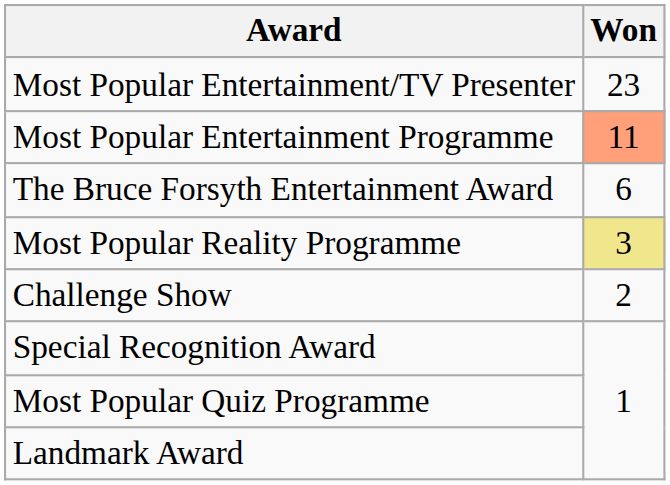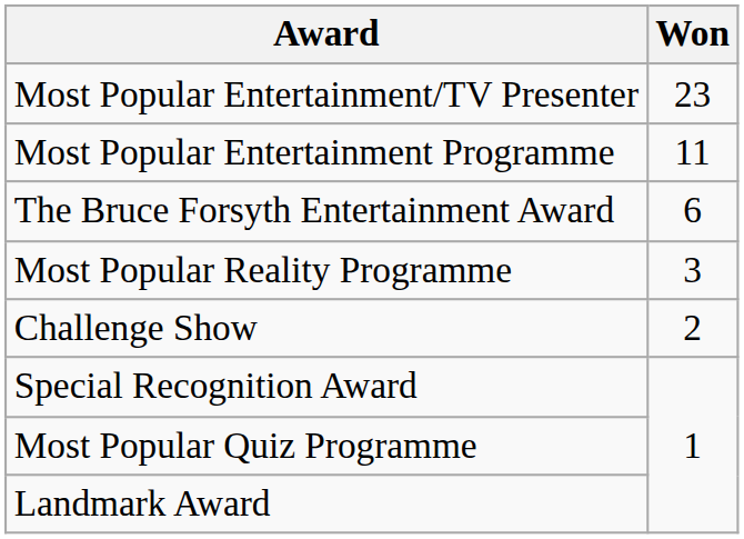 <table class="wikitable">
 <tr>
 <th>Award</th>
 <th>Won</th>
 </tr>
 <tr>
 <td>Most Popular Entertainment/TV Presenter</td>
 <td align=center>23</td>
 </tr>
 <tr>
 <td>Most Popular Entertainment Programme</td>
-<td align="center" style="background: lightsalmon;">11</td>
+<td align="center">11</td>
 </tr>
 <tr>
 <td>The Bruce Forsyth Entertainment Award</td>
 <td align="center">6</td>
 </tr>
 <tr>
 <td>Most Popular Reality Programme</td>
-<td align=center style="background: khaki;">3</td>
+<td align=center>3</td>
 </tr>
 <tr>
 <td>Challenge Show</td>
 <td align=center>2</td>
 </tr>
 <tr>
 <td>Special Recognition Award</td>
 <td rowspan=3 align=center>1</td>
 </tr>
 <tr>
 <td>Most Popular Quiz Programme</td>
 </tr>
 <tr>
 <td>Landmark Award</td>
 </tr>
 </table>
